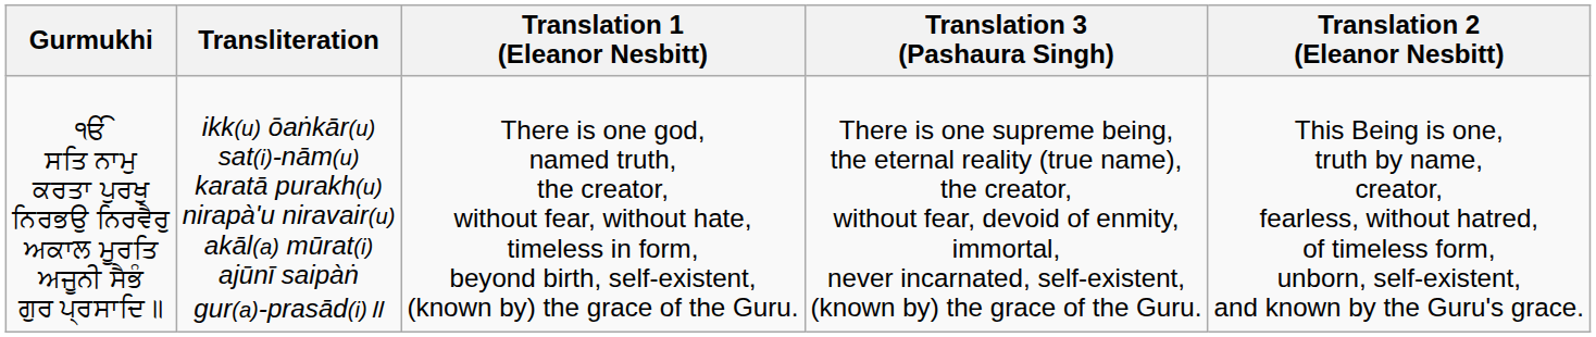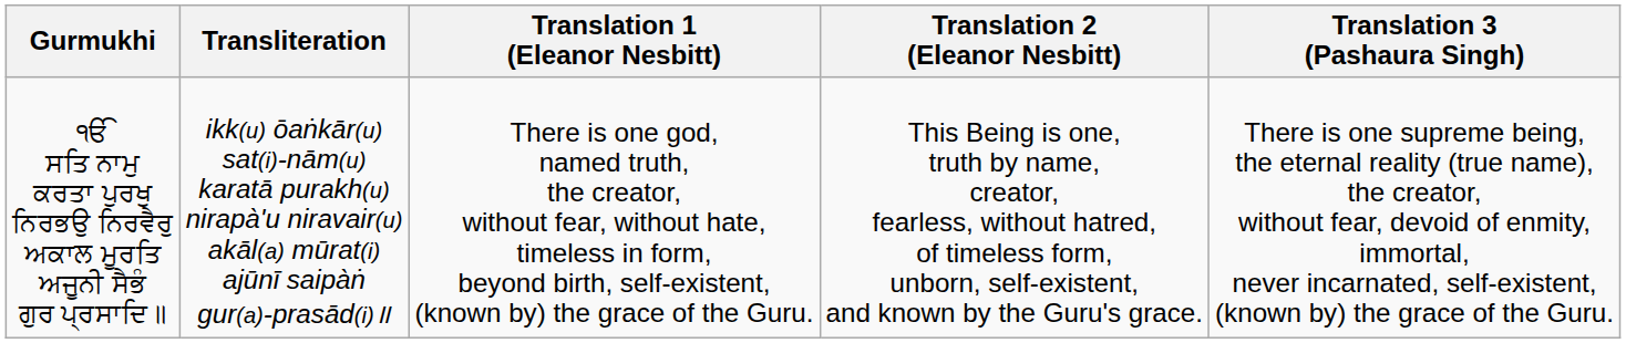 <table class="wikitable" style="margin:auto; text-align:center;">
 <tr>
 <th>Gurmukhi</th>
 <th>Transliteration</th>
 <th>Translation 1<br>(Eleanor Nesbitt)</th>
+<th>Translation 2<br>(Eleanor Nesbitt)</th>
 <th>Translation 3<br>(Pashaura Singh)</th>
-<th>Translation 2<br>(Eleanor Nesbitt)</th>
 </tr>
 <tr>
 <td><br>ੴ<br> ਸਤਿ ਨਾਮੁ<br> ਕਰਤਾ ਪੁਰਖੁ <br>ਨਿਰਭਉ ਨਿਰਵੈਰੁ <br>ਅਕਾਲ ਮੂਰਤਿ <br>ਅਜੂਨੀ ਸੈਭੰ <br>ਗੁਰ ਪ੍ਰਸਾਦਿ॥</td>
 <td><br><em>ikk<small>(u)</small> ōaṅkār<small>(u)</small><br> sat<small>(i)</small>-nām<small>(u)</small><br> karatā purakh<small>(u)</small><br> nirapà'u niravair<small>(u)</small><br> akāl<small>(a)</small> mūrat<small>(i)</small><br> ajūnī saipàṅ<br> gur<small>(a)</small>-prasād<small>(i)</small>॥</em></td>
 <td><br>There is one god,<br> named truth,<br> the creator,<br> without fear, without hate,<br> timeless in form,<br> beyond birth, self-existent,<br> (known by) the grace of the Guru.</td>
+<td><br>This Being is one,<br> truth by name,<br> creator,<br> fearless, without hatred,<br> of timeless form,<br> unborn, self-existent,<br> and known by the Guru's grace.</td>
 <td><br>There is one supreme being,<br> the eternal reality (true name),<br> the creator,<br> without fear, devoid of enmity,<br> immortal,<br> never incarnated, self-existent,<br> (known by) the grace of the Guru.</td>
-<td><br>This Being is one,<br> truth by name,<br> creator,<br> fearless, without hatred,<br> of timeless form,<br> unborn, self-existent,<br> and known by the Guru's grace.</td>
 </tr>
 </table>
